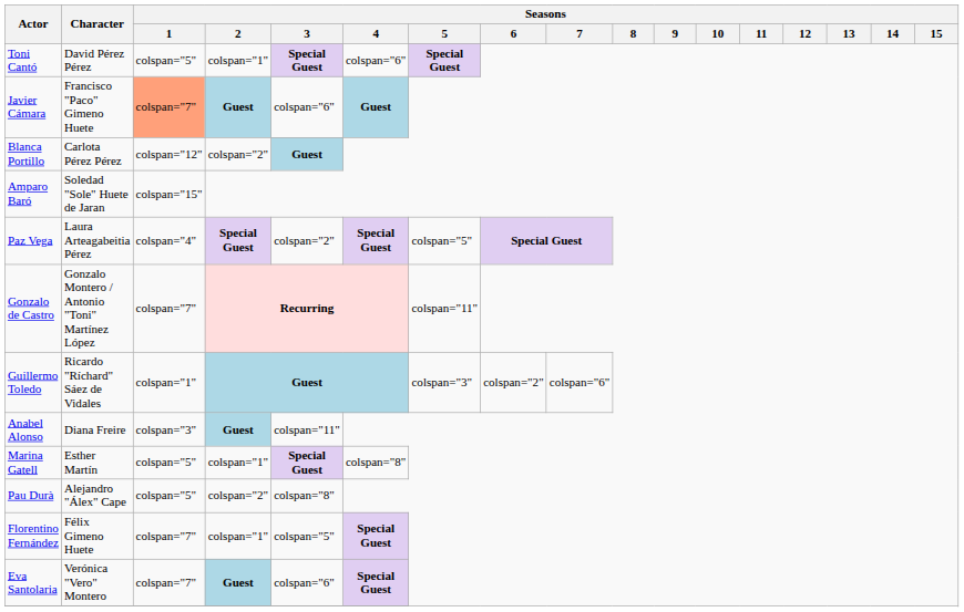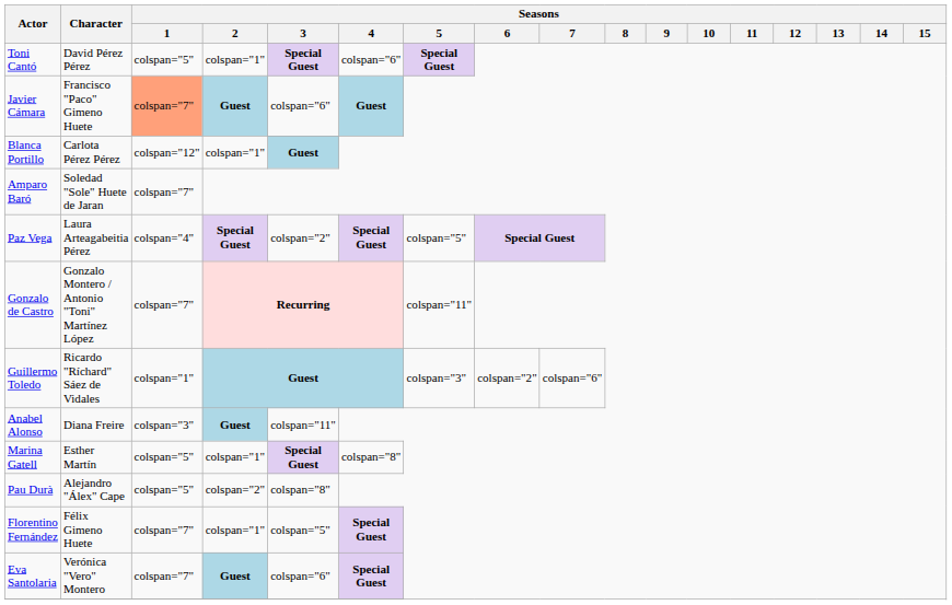 <table class="wikitable">
 <tr>
 <th rowspan="2">Actor</th>
 <th rowspan="2">Character</th>
 <th colspan="15">Seasons</th>
 </tr>
 <tr>
 <th style="width:50pt;">1</th>
 <th style="width:50pt;">2</th>
 <th style="width:50pt;">3</th>
 <th style="width:50pt;">4</th>
 <th style="width:50pt;">5</th>
 <th style="width:50pt;">6</th>
 <th style="width:50pt;">7</th>
 <th style="width:50pt;">8</th>
 <th style="width:50pt;">9</th>
 <th style="width:50pt;">10</th>
 <th style="width:50pt;">11</th>
 <th style="width:50pt;">12</th>
 <th style="width:50pt;">13</th>
 <th style="width:50pt;">14</th>
 <th style="width:50pt;">15</th>
 </tr>
 <tr>
 <td><a href='#'>Toni Cantó</a></td>
 <td>David Pérez Pérez</td>
 <td>colspan="5" </td>
 <td>colspan="1" </td>
 <td align="center" bgcolor="#E0CEF2"><strong>Special Guest</strong></td>
 <td>colspan="6" </td>
 <td align="center" bgcolor="#E0CEF2"><strong>Special Guest</strong></td>
 </tr>
 <tr>
 <td><a href='#'>Javier Cámara</a></td>
 <td>Francisco "Paco" Gimeno Huete</td>
 <td style="background: lightsalmon;">colspan="7" </td>
 <td style="background: #ADD8E6" colspan="1" align="center"><strong>Guest</strong></td>
 <td>colspan="6" </td>
 <td style="background: #ADD8E6" colspan="1" align="center"><strong>Guest</strong></td>
 </tr>
 <tr>
 <td><a href='#'>Blanca Portillo</a></td>
 <td>Carlota Pérez Pérez</td>
 <td>colspan="12" </td>
-<td>colspan="2" </td>
+<td>colspan="1" </td>
 <td style="background: #ADD8E6" colspan="1" align="center"><strong>Guest</strong></td>
 </tr>
 <tr>
 <td><a href='#'>Amparo Baró</a></td>
 <td>Soledad "Sole" Huete de Jaran</td>
-<td>colspan="15" </td>
+<td>colspan="7" </td>
 </tr>
 <tr>
 <td><a href='#'>Paz Vega</a></td>
 <td>Laura Arteagabeitia Pérez</td>
 <td>colspan="4" </td>
 <td align="center" bgcolor="#E0CEF2"><strong>Special Guest</strong></td>
 <td>colspan="2" </td>
 <td align="center" bgcolor="#E0CEF2"><strong>Special Guest</strong></td>
 <td>colspan="5" </td>
 <td align="center" bgcolor="#E0CEF2" colspan=2><strong>Special Guest</strong></td>
 </tr>
 <tr>
 <td><a href='#'>Gonzalo de Castro</a></td>
 <td>Gonzalo Montero / Antonio "Toni" Martínez López</td>
 <td>colspan="7" </td>
 <td style="background: #ffdddd" colspan="3" align="center"><strong>Recurring</strong></td>
 <td>colspan="11" </td>
 </tr>
 <tr>
 <td><a href='#'>Guillermo Toledo</a></td>
 <td>Ricardo "Ríchard" Sáez de Vidales</td>
 <td>colspan="1" </td>
 <td style="background: #ADD8E6" colspan="3" align="center"><strong>Guest</strong></td>
 <td>colspan="3" </td>
 <td>colspan="2" </td>
 <td>colspan="6" </td>
 </tr>
 <tr>
 <td><a href='#'>Anabel Alonso</a></td>
 <td>Diana Freire</td>
 <td>colspan="3" </td>
 <td style="background: #ADD8E6" colspan="1" align="center"><strong>Guest</strong></td>
 <td>colspan="11" </td>
 </tr>
 <tr>
 <td><a href='#'>Marina Gatell</a></td>
 <td>Esther Martín</td>
 <td>colspan="5" </td>
 <td>colspan="1" </td>
 <td align="center" bgcolor="#E0CEF2"><strong>Special Guest</strong></td>
 <td>colspan="8" </td>
 </tr>
 <tr>
 <td><a href='#'>Pau Durà</a></td>
 <td>Alejandro "Álex" Cape</td>
 <td>colspan="5" </td>
 <td>colspan="2" </td>
 <td>colspan="8" </td>
 </tr>
 <tr>
 <td><a href='#'>Florentino Fernández</a></td>
 <td>Félix Gimeno Huete</td>
 <td>colspan="7" </td>
 <td>colspan="1" </td>
 <td>colspan="5" </td>
 <td align="center" bgcolor="#E0CEF2"><strong>Special Guest</strong></td>
 </tr>
 <tr>
 <td><a href='#'>Eva Santolaria</a></td>
 <td>Verónica "Vero" Montero</td>
 <td>colspan="7" </td>
 <td style="background: #ADD8E6" colspan="1" align="center"><strong>Guest</strong></td>
 <td>colspan="6" </td>
 <td align="center" bgcolor="#E0CEF2"><strong>Special Guest</strong></td>
 </tr>
 <tr>
 </tr>
 </table>
